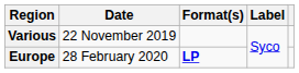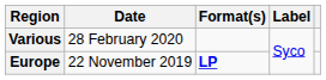 <table class="wikitable plainrowheaders">
 <tr>
 <th>Region</th>
 <th>Date</th>
 <th>Format(s)</th>
 <th>Label</th>
 <th></th>
 </tr>
 <tr>
 <th scope="row">Various</th>
-<td>22 November 2019</td>
+<td>28 February 2020</td>
 <td></td>
 <td rowspan="2"><a href='#'>Syco</a></td>
 <td align="center"></td>
 </tr>
 <tr>
 <th scope="row">Europe</th>
-<td>28 February 2020</td>
+<td>22 November 2019</td>
 <td><strong><a href='#'>LP</a></strong></td>
 <td align="center"></td>
 </tr>
 </table>
